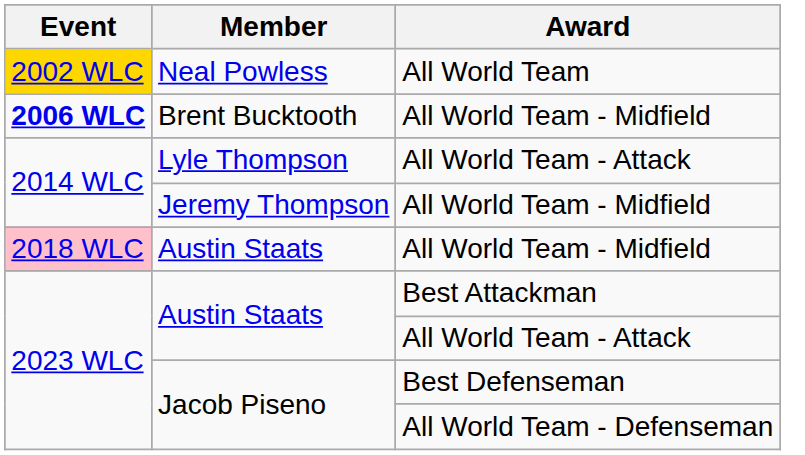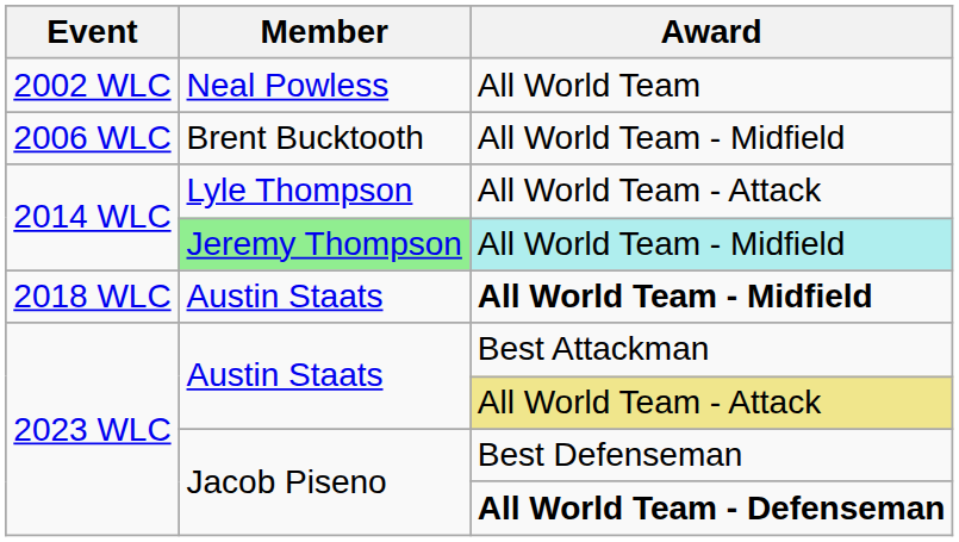 <table class="wikitable">
 <tr>
 <th>Event</th>
 <th>Member</th>
 <th>Award</th>
 </tr>
 <tr>
-<td style="background: gold;"><a href='#'>2002 WLC</a></td>
+<td><a href='#'>2002 WLC</a></td>
 <td><a href='#'>Neal Powless</a></td>
 <td>All World Team</td>
 </tr>
 <tr>
-<td><strong><a href='#'>2006 WLC</a></strong></td>
+<td><a href='#'>2006 WLC</a></td>
 <td>Brent Bucktooth</td>
 <td>All World Team - Midfield</td>
 </tr>
 <tr>
 <td rowspan="2"><a href='#'>2014 WLC</a></td>
 <td><a href='#'>Lyle Thompson</a></td>
 <td>All World Team - Attack</td>
 </tr>
 <tr>
-<td><a href='#'>Jeremy Thompson</a></td>
-<td>All World Team - Midfield</td>
+<td style="background: lightgreen;"><a href='#'>Jeremy Thompson</a></td>
+<td style="background: paleturquoise;">All World Team - Midfield</td>
 </tr>
 <tr>
-<td style="background: pink;"><a href='#'>2018 WLC</a></td>
+<td><a href='#'>2018 WLC</a></td>
 <td><a href='#'>Austin Staats</a></td>
-<td>All World Team - Midfield</td>
+<td><strong>All World Team - Midfield</strong></td>
 </tr>
 <tr>
 <td rowspan="4"><a href='#'>2023 WLC</a></td>
 <td rowspan="2"><a href='#'>Austin Staats</a></td>
 <td>Best Attackman</td>
 </tr>
 <tr>
-<td>All World Team - Attack</td>
+<td style="background: khaki;">All World Team - Attack</td>
 </tr>
 <tr>
 <td rowspan="2">Jacob Piseno</td>
 <td>Best Defenseman</td>
 </tr>
 <tr>
-<td>All World Team - Defenseman</td>
+<td><strong>All World Team - Defenseman</strong></td>
 </tr>
 </table>
